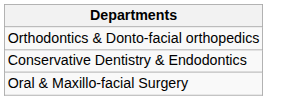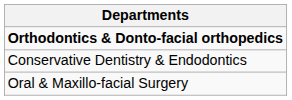 <table class="wikitable">
 <tr>
 <th>Departments</th>
 </tr>
 <tr>
-<td>Orthodontics & Donto-facial orthopedics</td>
+<td><strong>Orthodontics & Donto-facial orthopedics</strong></td>
 </tr>
 <tr>
 <td>Conservative Dentistry & Endodontics</td>
 </tr>
 <tr>
 <td>Oral & Maxillo-facial Surgery</td>
 </tr>
 </table>
